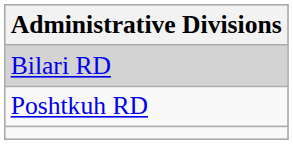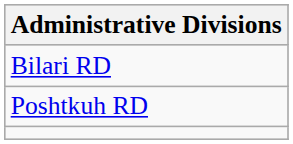 <table class="wikitable">
 <tr>
 <th>Administrative Divisions</th>
 </tr>
 <tr>
-<td style="background: lightgrey;"><a href='#'>Bilari RD</a></td>
+<td><a href='#'>Bilari RD</a></td>
 </tr>
 <tr>
 <td><a href='#'>Poshtkuh RD</a></td>
 </tr>
 <tr>
 <td colspan=1></td>
 </tr>
 </table>
